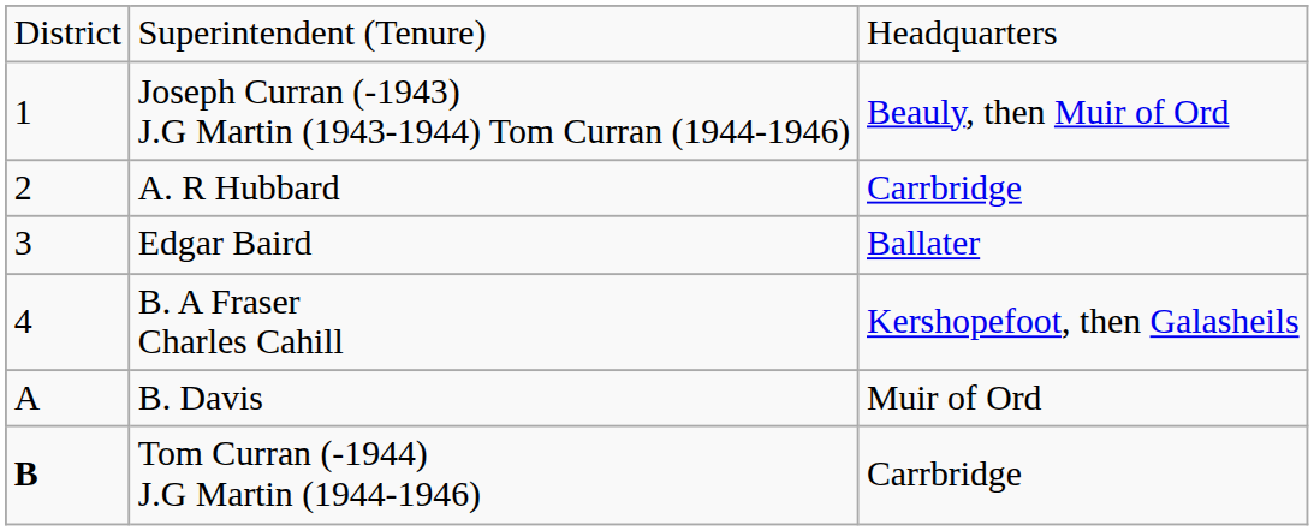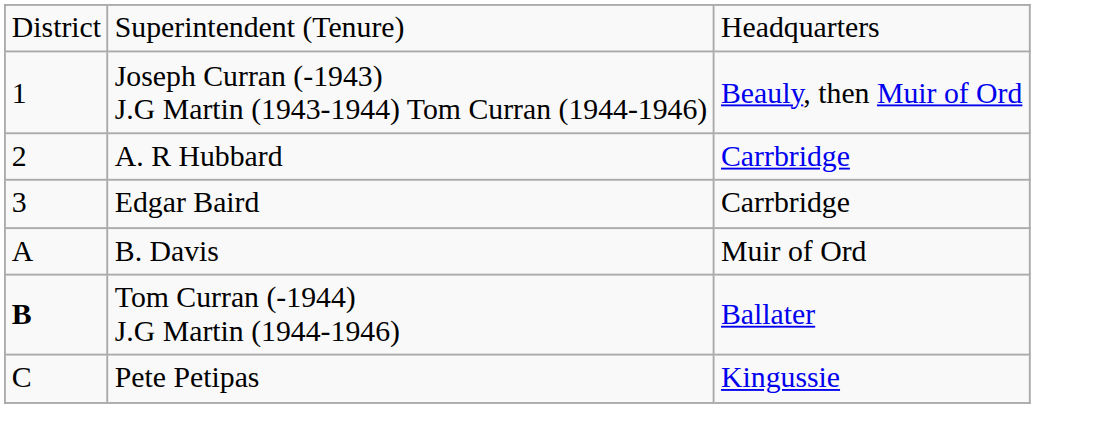 <table class="wikitable">
 <tr>
 <td>District</td>
 <td>Superintendent (Tenure)</td>
 <td>Headquarters</td>
 </tr>
 <tr>
 <td>1</td>
 <td>Joseph Curran  (-1943)<br>J.G Martin         (1943-1944) Tom Curran      (1944-1946)</td>
 <td><a href='#'>Beauly</a>, then <a href='#'>Muir of Ord</a></td>
 </tr>
 <tr>
 <td>2</td>
 <td>A. R Hubbard</td>
 <td><a href='#'>Carrbridge</a></td>
 </tr>
 <tr>
 <td>3</td>
 <td>Edgar Baird</td>
-<td><a href='#'>Ballater</a></td>
-</tr>
-<tr>
-<td>4</td>
-<td>B. A Fraser<br>Charles Cahill</td>
-<td><a href='#'>Kershopefoot</a>, then <a href='#'>Galasheils</a></td>
+<td>Carrbridge</td>
 </tr>
 <tr>
 <td>A</td>
 <td>B. Davis</td>
 <td>Muir of Ord</td>
 </tr>
 <tr>
 <td><strong>B</strong></td>
 <td>Tom Curran (-1944)<br>J.G Martin (1944-1946)</td>
-<td>Carrbridge</td>
+<td><a href='#'>Ballater</a></td>
+</tr>
+<tr>
+<td>C</td>
+<td>Pete Petipas</td>
+<td><a href='#'>Kingussie</a></td>
 </tr>
 </table>
